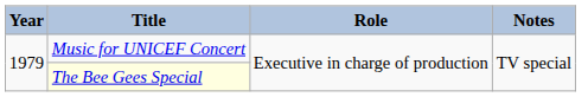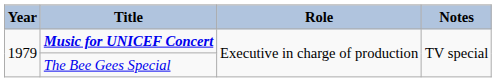 <table class="wikitable" style="font-size:95%;float:left; margin-right:2em;">
 <tr>
 <th style="background:#B0C4DE;">Year</th>
 <th style="background:#B0C4DE;">Title</th>
 <th style="background:#B0C4DE;">Role</th>
 <th style="background:#B0C4DE;">Notes</th>
 </tr>
 <tr>
 <td rowspan=2>1979</td>
-<td><em><a href='#'>Music for UNICEF Concert</a></em></td>
+<td><strong><em><a href='#'>Music for UNICEF Concert</a></em></strong></td>
 <td rowspan=2>Executive in charge of production</td>
 <td rowspan=2>TV special</td>
 </tr>
 <tr>
-<td style="background: lightyellow;"><em><a href='#'>The Bee Gees Special</a></em></td>
+<td><em><a href='#'>The Bee Gees Special</a></em></td>
 </tr>
 </table>
